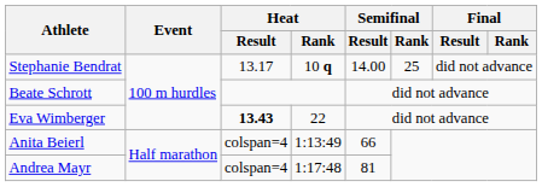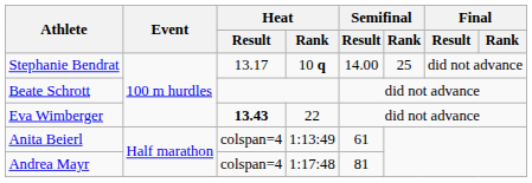 <table class="wikitable" style="font-size:90%">
 <tr>
 <th rowspan=2>Athlete</th>
 <th rowspan=2>Event</th>
 <th colspan=2>Heat</th>
 <th colspan=2>Semifinal</th>
 <th colspan=2>Final</th>
 </tr>
 <tr style="font-size:95%">
 <th>Result</th>
 <th>Rank</th>
 <th>Result</th>
 <th>Rank</th>
 <th>Result</th>
 <th>Rank</th>
 </tr>
 <tr align=center>
 <td align=left><a href='#'>Stephanie Bendrat</a></td>
 <td style="text-align:left;" rowspan=3><a href='#'>100 m hurdles</a></td>
 <td>13.17</td>
 <td>10 <strong>q</strong></td>
 <td>14.00</td>
 <td>25</td>
 <td colspan=2>did not advance</td>
 </tr>
 <tr align=center>
 <td align=left><a href='#'>Beate Schrott</a></td>
 <td colspan=2></td>
 <td colspan=4>did not advance</td>
 </tr>
 <tr align=center>
 <td align=left><a href='#'>Eva Wimberger</a></td>
 <td><strong>13.43</strong></td>
 <td>22</td>
 <td colspan=4>did not advance</td>
 </tr>
 <tr align=center>
 <td align=left><a href='#'>Anita Beierl</a></td>
 <td style="text-align:left;" rowspan=2><a href='#'>Half marathon</a></td>
 <td>colspan=4 </td>
 <td>1:13:49</td>
-<td>66</td>
+<td>61</td>
 </tr>
 <tr align=center>
 <td align=left><a href='#'>Andrea Mayr</a></td>
 <td>colspan=4 </td>
 <td>1:17:48</td>
 <td>81</td>
 </tr>
 </table>
